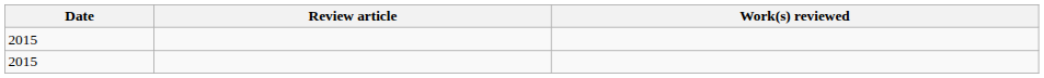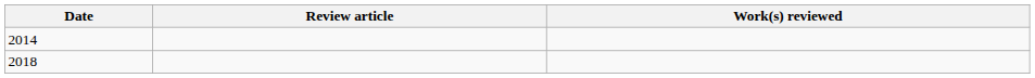 <table class="wikitable sortable" style="width:90%;">
 <tr>
 <th>Date</th>
 <th class="unsortable">Review article</th>
 <th class="unsortable">Work(s) reviewed</th>
 </tr>
 <tr>
-<td>2015</td>
+<td>2014</td>
 <td></td>
 <td></td>
 </tr>
 <tr>
-<td>2015</td>
+<td>2018</td>
 <td></td>
 <td></td>
 </tr>
 </table>
